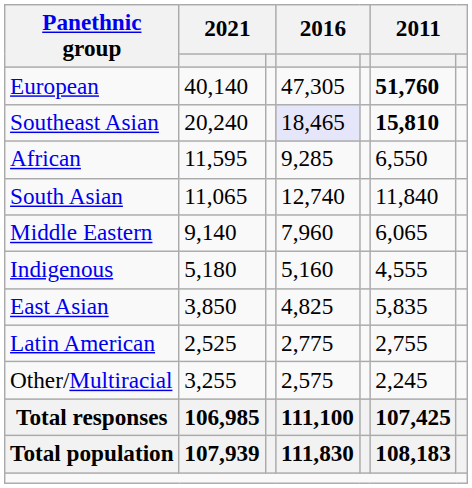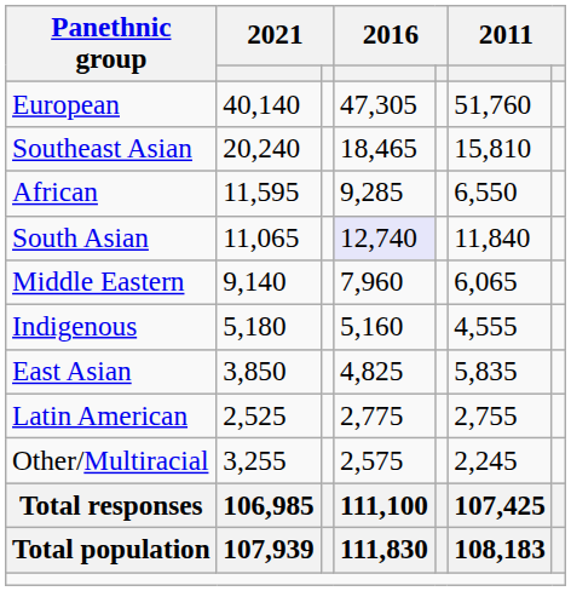 <table class="wikitable collapsible sortable">
 <tr>
 <th rowspan="2"><a href='#'>Panethnic</a><br>group</th>
 <th colspan="2">2021</th>
 <th colspan="2">2016</th>
 <th colspan="2">2011</th>
 </tr>
 <tr>
 <th><a href='#'></a></th>
 <th></th>
 <th></th>
 <th></th>
 <th></th>
 <th></th>
 </tr>
 <tr>
 <td><a href='#'>European</a></td>
 <td>40,140</td>
 <td></td>
 <td>47,305</td>
 <td></td>
-<td><strong>51,760</strong></td>
+<td>51,760</td>
 <td></td>
 </tr>
 <tr>
 <td><a href='#'>Southeast Asian</a></td>
 <td>20,240</td>
 <td></td>
-<td style="background: lavender;">18,465</td>
+<td>18,465</td>
 <td></td>
-<td><strong>15,810</strong></td>
+<td>15,810</td>
 <td></td>
 </tr>
 <tr>
 <td><a href='#'>African</a></td>
 <td>11,595</td>
 <td></td>
 <td>9,285</td>
 <td></td>
 <td>6,550</td>
 <td></td>
 </tr>
 <tr>
 <td><a href='#'>South Asian</a></td>
 <td>11,065</td>
 <td></td>
-<td>12,740</td>
+<td style="background: lavender;">12,740</td>
 <td></td>
 <td>11,840</td>
 <td></td>
 </tr>
 <tr>
 <td><a href='#'>Middle Eastern</a></td>
 <td>9,140</td>
 <td></td>
 <td>7,960</td>
 <td></td>
 <td>6,065</td>
 <td></td>
 </tr>
 <tr>
 <td><a href='#'>Indigenous</a></td>
 <td>5,180</td>
 <td></td>
 <td>5,160</td>
 <td></td>
 <td>4,555</td>
 <td></td>
 </tr>
 <tr>
 <td><a href='#'>East Asian</a></td>
 <td>3,850</td>
 <td></td>
 <td>4,825</td>
 <td></td>
 <td>5,835</td>
 <td></td>
 </tr>
 <tr>
 <td><a href='#'>Latin American</a></td>
 <td>2,525</td>
 <td></td>
 <td>2,775</td>
 <td></td>
 <td>2,755</td>
 <td></td>
 </tr>
 <tr>
 <td>Other/<a href='#'>Multiracial</a></td>
 <td>3,255</td>
 <td></td>
 <td>2,575</td>
 <td></td>
 <td>2,245</td>
 <td></td>
 </tr>
 <tr>
 <th>Total responses</th>
 <th>106,985</th>
 <th></th>
 <th>111,100</th>
 <th></th>
 <th>107,425</th>
 <th></th>
 </tr>
 <tr>
 <th>Total population</th>
 <th>107,939</th>
 <th></th>
 <th>111,830</th>
 <th></th>
 <th>108,183</th>
 <th></th>
 </tr>
 <tr class="sortbottom">
 <td colspan="15"></td>
 </tr>
 </table>
